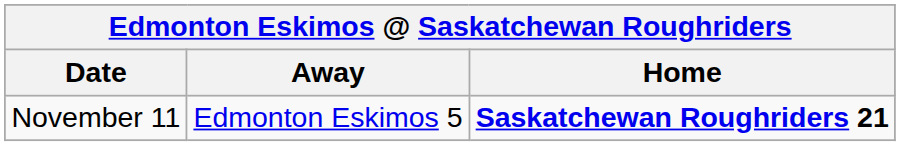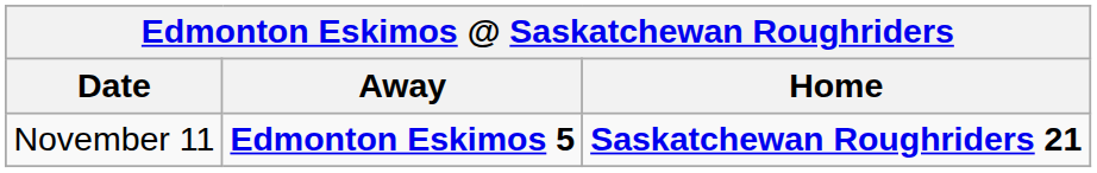 <table class="wikitable">
 <tr>
 <th colspan="3"><a href='#'>Edmonton Eskimos</a> @ <a href='#'>Saskatchewan Roughriders</a></th>
 </tr>
 <tr>
 <th>Date</th>
 <th>Away</th>
 <th>Home</th>
 </tr>
 <tr>
 <td>November 11</td>
-<td><a href='#'>Edmonton Eskimos</a> 5</td>
+<td><strong><a href='#'>Edmonton Eskimos</a> 5</strong></td>
 <td><strong><a href='#'>Saskatchewan Roughriders</a> 21</strong></td>
 </tr>
 </table>
